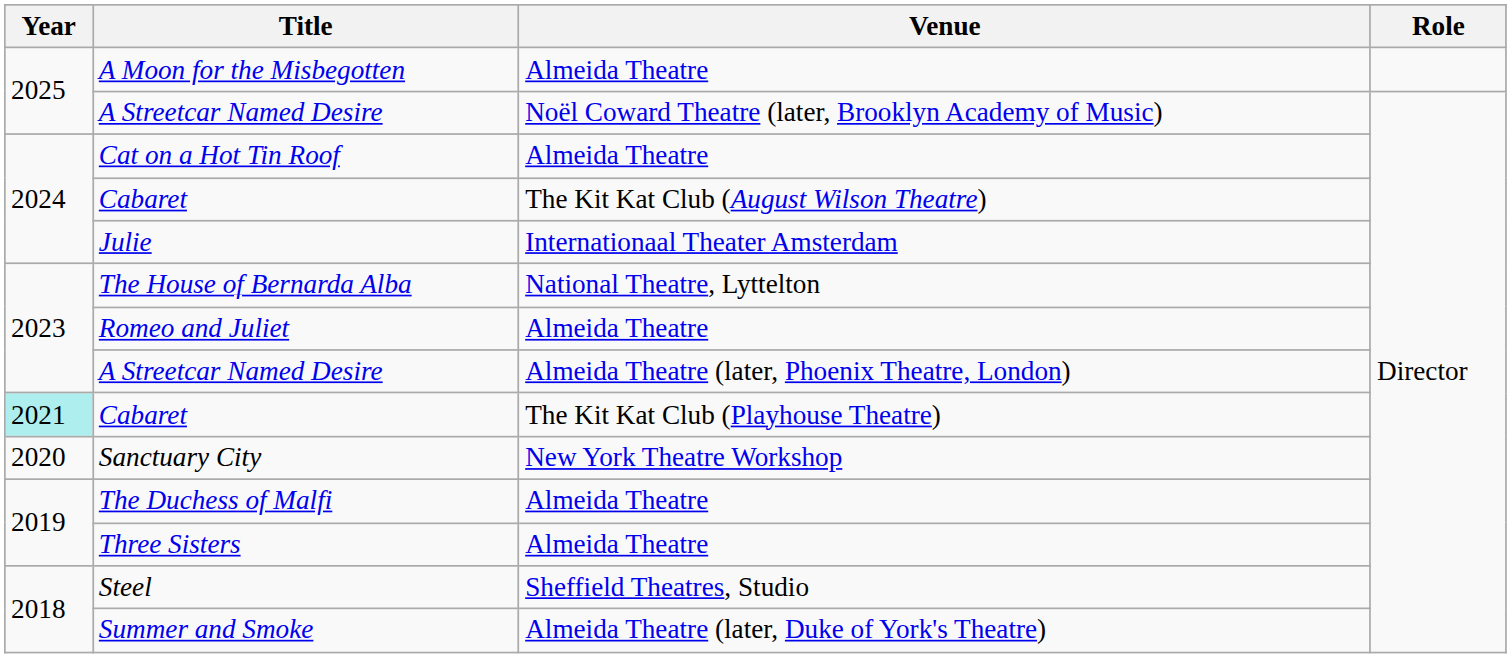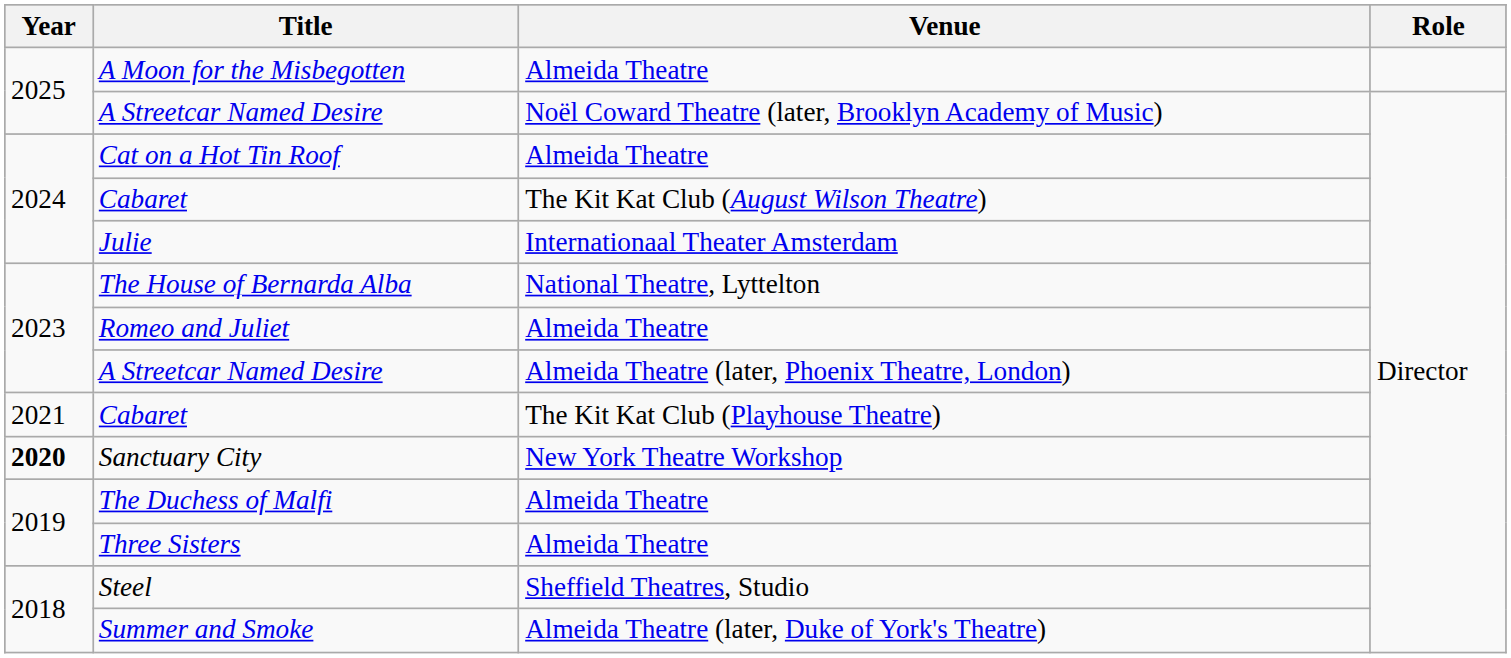 <table class="wikitable" style="width: 100%;">
 <tr>
 <th>Year</th>
 <th>Title</th>
 <th>Venue</th>
 <th>Role</th>
 </tr>
 <tr>
 <td rowspan="2">2025</td>
 <td><em><a href='#'>A Moon for the Misbegotten</a></em></td>
 <td><a href='#'>Almeida Theatre</a></td>
 <td></td>
 </tr>
 <tr>
 <td><em><a href='#'>A Streetcar Named Desire</a></em></td>
 <td><a href='#'>Noël Coward Theatre</a> (later, <a href='#'>Brooklyn Academy of Music</a>)</td>
 <td rowspan="13">Director</td>
 </tr>
 <tr>
 <td rowspan="3">2024</td>
 <td><em><a href='#'>Cat on a Hot Tin Roof</a></em></td>
 <td><a href='#'>Almeida Theatre</a></td>
 </tr>
 <tr>
 <td><em><a href='#'>Cabaret</a></em></td>
 <td>The Kit Kat Club (<em><a href='#'>August Wilson Theatre</a></em>)</td>
 </tr>
 <tr>
 <td><a href='#'><em>Julie</em></a></td>
 <td><a href='#'>Internationaal Theater Amsterdam</a></td>
 </tr>
 <tr>
 <td rowspan="3">2023</td>
 <td><em><a href='#'>The House of Bernarda Alba</a></em></td>
 <td><a href='#'>National Theatre</a>, Lyttelton</td>
 </tr>
 <tr>
 <td><em><a href='#'>Romeo and Juliet</a></em></td>
 <td><a href='#'>Almeida Theatre</a></td>
 </tr>
 <tr>
 <td><em><a href='#'>A Streetcar Named Desire</a></em></td>
 <td><a href='#'>Almeida Theatre</a> (later, <a href='#'>Phoenix Theatre, London</a>)</td>
 </tr>
 <tr>
-<td style="background: paleturquoise;">2021</td>
+<td>2021</td>
 <td><em><a href='#'>Cabaret</a></em></td>
 <td>The Kit Kat Club (<a href='#'>Playhouse Theatre</a>)</td>
 </tr>
 <tr>
-<td>2020</td>
+<td><strong>2020</strong></td>
 <td><em>Sanctuary City</em></td>
 <td><a href='#'>New York Theatre Workshop</a></td>
 </tr>
 <tr>
 <td rowspan="2">2019</td>
 <td><em><a href='#'>The Duchess of Malfi</a></em></td>
 <td><a href='#'>Almeida Theatre</a></td>
 </tr>
 <tr>
 <td><em><a href='#'>Three Sisters</a></em></td>
 <td><a href='#'>Almeida Theatre</a></td>
 </tr>
 <tr>
 <td rowspan="2">2018</td>
 <td><em>Steel</em></td>
 <td><a href='#'>Sheffield Theatres</a>, Studio</td>
 </tr>
 <tr>
 <td><em><a href='#'>Summer and Smoke</a></em></td>
 <td><a href='#'>Almeida Theatre</a> (later, <a href='#'>Duke of York's Theatre</a>)</td>
 </tr>
 </table>
